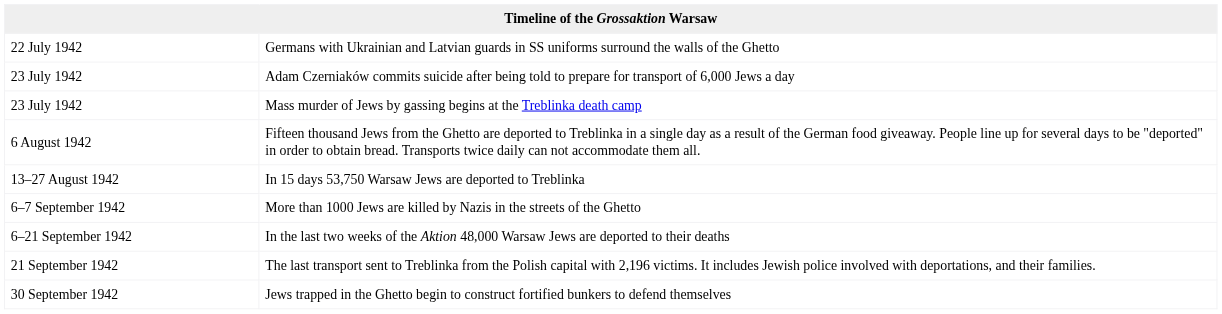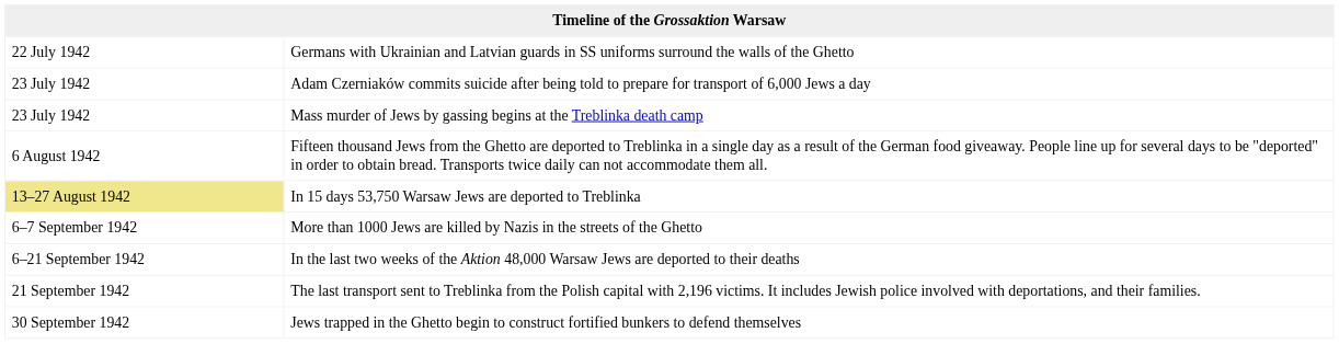 <table border="1" align="center" style="border-collapse:collapse; border-color:#f2f2f4; margin-top:1px; margin-bottom:15px; font-size:90%" cellpadding="6" width="100%">
 <tr align="center">
 <th colspan=2 bgcolor="#EFEFEF">Timeline of the <em>Grossaktion</em> Warsaw</th>
 </tr>
 <tr>
 <td width="21%">22 July 1942</td>
 <td>Germans with Ukrainian and Latvian guards in SS uniforms surround the walls of the Ghetto</td>
 </tr>
 <tr>
 <td>23 July 1942</td>
 <td>Adam Czerniaków commits suicide after being told to prepare for transport of 6,000 Jews a day</td>
 </tr>
 <tr>
 <td>23 July 1942</td>
 <td>Mass murder of Jews by gassing begins at the <a href='#'>Treblinka death camp</a></td>
 </tr>
 <tr>
 <td>6 August 1942</td>
 <td>Fifteen thousand Jews from the Ghetto are deported to Treblinka in a single day as a result of the German food giveaway. People line up for several days to be "deported" in order to obtain bread. Transports twice daily can not accommodate them all.</td>
 </tr>
 <tr>
-<td>13–27 August 1942</td>
+<td style="background: khaki;">13–27 August 1942</td>
 <td>In 15 days 53,750 Warsaw Jews are deported to Treblinka</td>
 </tr>
 <tr>
 <td>6–7 September 1942</td>
 <td>More than 1000 Jews are killed by Nazis in the streets of the Ghetto</td>
 </tr>
 <tr>
 <td>6–21 September 1942</td>
 <td>In the last two weeks of the <em>Aktion</em> 48,000 Warsaw Jews are deported to their deaths</td>
 </tr>
 <tr>
 <td>21 September 1942</td>
 <td>The last transport sent to Treblinka from the Polish capital with 2,196 victims. It includes Jewish police involved with deportations, and their families.</td>
 </tr>
 <tr>
 <td>30 September 1942</td>
 <td>Jews trapped in the Ghetto begin to construct fortified bunkers to defend themselves</td>
 </tr>
 </table>
